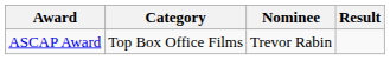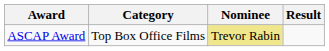 <table class="wikitable sortable">
 <tr>
 <th>Award</th>
 <th>Category</th>
 <th>Nominee</th>
 <th>Result</th>
 </tr>
 <tr>
 <td rowspan="2"><a href='#'>ASCAP Award</a></td>
 <td>Top Box Office Films</td>
-<td>Trevor Rabin</td>
+<td style="background: khaki;">Trevor Rabin</td>
 <td></td>
 </tr>
 </table>
